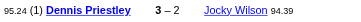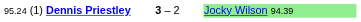 <table style="text-align:center">
 <tr>
 <th width=223></th>
 <th width=100></th>
 <th width=223></th>
 </tr>
 <tr>
 <td align=right><small>95.24</small> (1) <strong><a href='#'>Dennis Priestley</a></strong> </td>
 <td><strong>3</strong> – 2</td>
-<td align=left> <a href='#'>Jocky Wilson</a> <small>94.39</small></td>
+<td align=left style="background: lightgreen;"> <a href='#'>Jocky Wilson</a> <small>94.39</small></td>
 </tr>
 </table>
